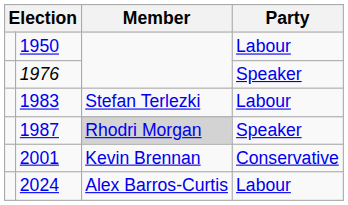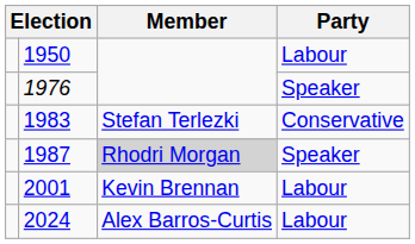 <table class="wikitable">
 <tr>
 <th colspan="2">Election</th>
 <th>Member</th>
 <th>Party</th>
 </tr>
 <tr>
 <td style="color:inherit;background-color: "></td>
 <td><a href='#'>1950</a></td>
 <td rowspan="2"></td>
 <td><a href='#'>Labour</a></td>
 </tr>
 <tr>
 <td style="color:inherit;background-color: "></td>
 <td><em>1976</em></td>
 <td><a href='#'>Speaker</a></td>
 </tr>
 <tr>
 <td style="color:inherit;background-color: "></td>
 <td><a href='#'>1983</a></td>
 <td><a href='#'>Stefan Terlezki</a></td>
-<td><a href='#'>Labour</a></td>
+<td><a href='#'>Conservative</a></td>
 </tr>
 <tr>
 <td style="color:inherit;background-color: "></td>
 <td><a href='#'>1987</a></td>
 <td style="background: lightgrey;"><a href='#'>Rhodri Morgan</a></td>
 <td><a href='#'>Speaker</a></td>
 </tr>
 <tr>
 <td style="color:inherit;background-color: "></td>
 <td><a href='#'>2001</a></td>
 <td><a href='#'>Kevin Brennan</a></td>
-<td><a href='#'>Conservative</a></td>
+<td><a href='#'>Labour</a></td>
 </tr>
 <tr>
 <td style="color:inherit;background-color: "></td>
 <td><a href='#'>2024</a></td>
 <td><a href='#'>Alex Barros-Curtis</a></td>
 <td><a href='#'>Labour</a></td>
 </tr>
 </table>
